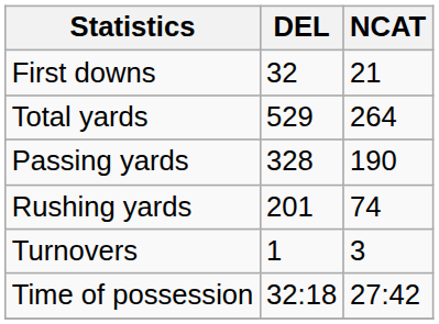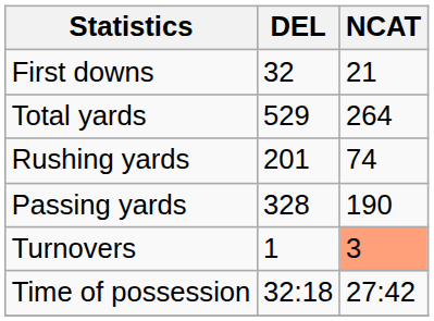 <table class="wikitable" style="float: left;">
 <tr>
 <th>Statistics</th>
 <th>DEL</th>
 <th>NCAT</th>
 </tr>
 <tr>
 <td>First downs</td>
 <td>32</td>
 <td>21</td>
 </tr>
 <tr>
 <td>Total yards</td>
 <td>529</td>
 <td>264</td>
 </tr>
 <tr>
+<td>Rushing yards</td>
+<td>201</td>
+<td>74</td>
+</tr>
+<tr>
 <td>Passing yards</td>
 <td>328</td>
 <td>190</td>
 </tr>
 <tr>
-<td>Rushing yards</td>
-<td>201</td>
-<td>74</td>
-</tr>
-<tr>
 <td>Turnovers</td>
 <td>1</td>
-<td>3</td>
+<td style="background: lightsalmon;">3</td>
 </tr>
 <tr>
 <td>Time of possession</td>
 <td>32:18</td>
 <td>27:42</td>
 </tr>
 <tr>
 </tr>
 </table>
